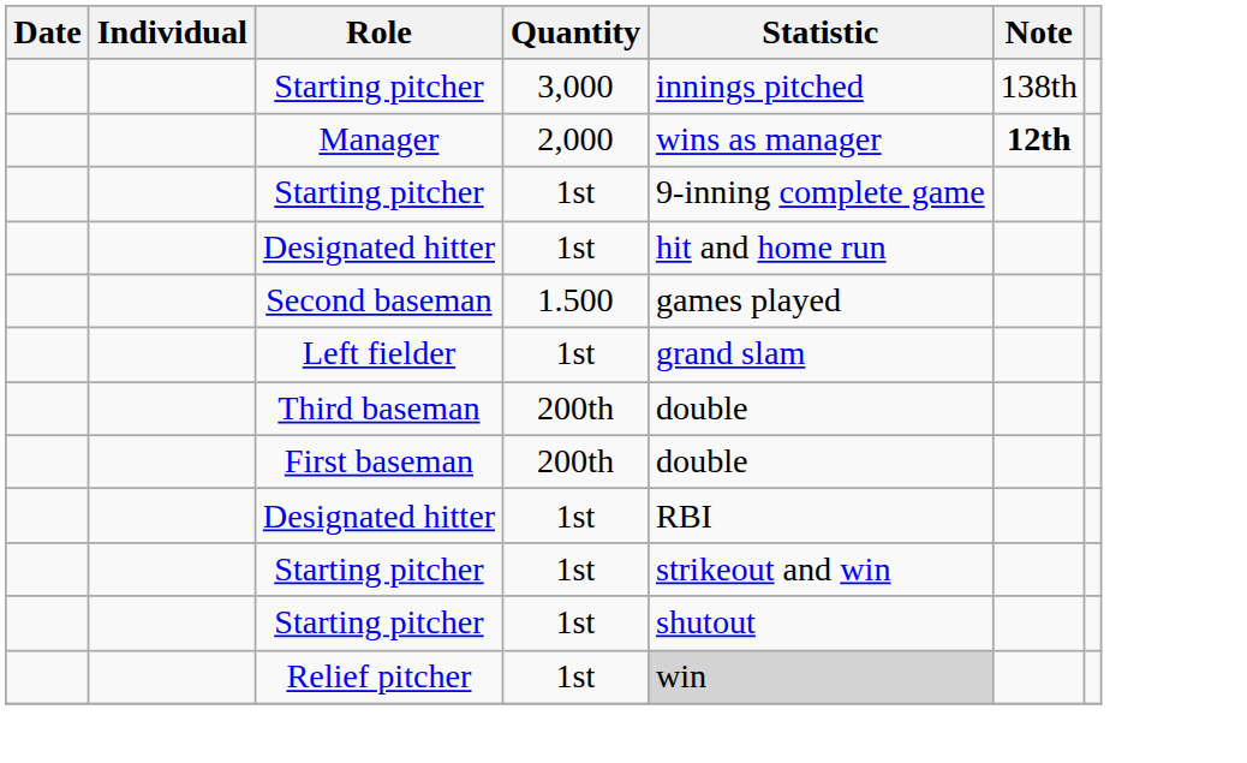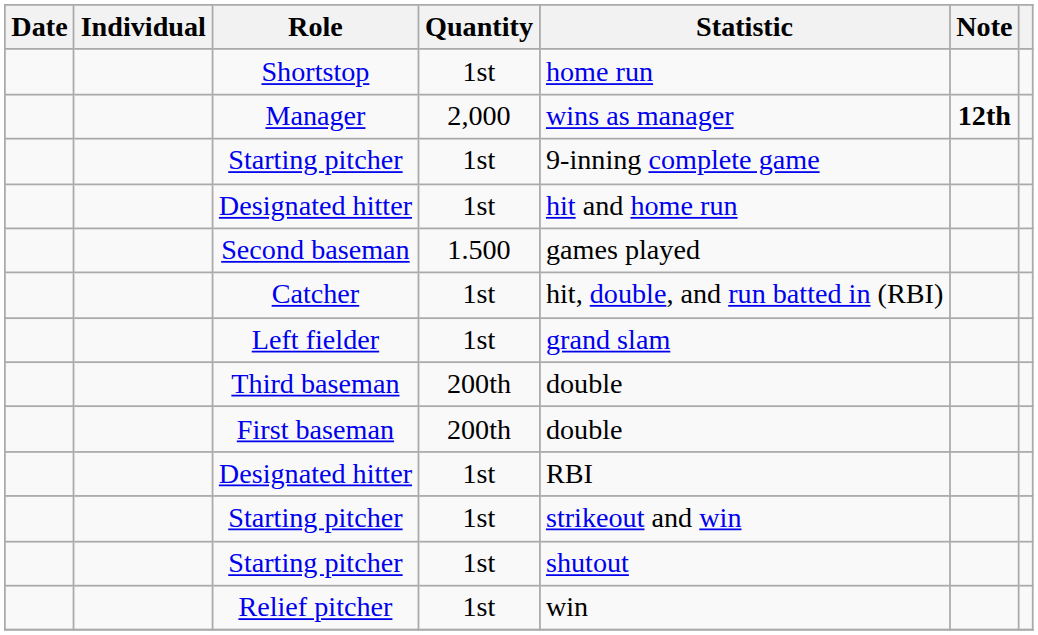 <table class="wikitable sortable">
 <tr>
 <th>Date</th>
 <th>Individual</th>
 <th>Role</th>
 <th>Quantity</th>
 <th>Statistic</th>
 <th>Note</th>
 <th></th>
 </tr>
 <tr>
 <td></td>
 <td></td>
-<td align=center><a href='#'>Starting pitcher</a></td>
-<td align=center>3,000</td>
-<td><a href='#'>innings pitched</a></td>
-<td align=center>138th</td>
+<td align=center><a href='#'>Shortstop</a></td>
+<td align=center>1st</td>
+<td><a href='#'>home run</a></td>
+<td align=center></td>
 <td align=center></td>
 </tr>
 <tr>
 <td></td>
 <td></td>
 <td align=center><a href='#'>Manager</a></td>
 <td align=center>2,000</td>
 <td><a href='#'>wins as manager</a></td>
 <td align=center><strong>12th</strong></td>
 <td align=center></td>
 </tr>
 <tr>
 <td></td>
 <td></td>
 <td align=center><a href='#'>Starting pitcher</a></td>
 <td align=center>1st</td>
 <td>9-inning <a href='#'>complete game</a></td>
 <td></td>
 <td align=center></td>
 </tr>
 <tr>
 <td></td>
 <td></td>
 <td align=center><a href='#'>Designated hitter</a></td>
 <td align=center>1st</td>
 <td><a href='#'>hit</a> and <a href='#'>home run</a></td>
 <td align=center></td>
 <td align=center></td>
 </tr>
 <tr>
 <td></td>
 <td></td>
 <td align=center><a href='#'>Second baseman</a></td>
 <td align=center>1.500</td>
 <td>games played</td>
+<td align=center></td>
+<td align=center></td>
+</tr>
+<tr>
+<td></td>
+<td></td>
+<td align=center><a href='#'>Catcher</a></td>
+<td align=center>1st</td>
+<td>hit, <a href='#'>double</a>, and <a href='#'>run batted in</a> (RBI)</td>
 <td align=center></td>
 <td align=center></td>
 </tr>
 <tr>
 <td></td>
 <td></td>
 <td align=center><a href='#'>Left fielder</a></td>
 <td align=center>1st</td>
 <td><a href='#'>grand slam</a></td>
 <td align=center></td>
 <td align=center></td>
 </tr>
 <tr>
 <td></td>
 <td></td>
 <td align=center><a href='#'>Third baseman</a></td>
 <td align=center>200th</td>
 <td>double</td>
 <td align=center></td>
 <td align=center></td>
 </tr>
 <tr>
 <td></td>
 <td></td>
 <td align=center><a href='#'>First baseman</a></td>
 <td align=center>200th</td>
 <td>double</td>
 <td align=center></td>
 <td align=center></td>
 </tr>
 <tr>
 <td></td>
 <td></td>
 <td align=center><a href='#'>Designated hitter</a></td>
 <td align=center>1st</td>
 <td>RBI</td>
 <td align=center></td>
 <td align=center></td>
 </tr>
 <tr>
 <td></td>
 <td></td>
 <td align=center><a href='#'>Starting pitcher</a></td>
 <td align=center>1st</td>
 <td><a href='#'>strikeout</a> and <a href='#'>win</a></td>
 <td align=center></td>
 <td align=center></td>
 </tr>
 <tr>
 <td></td>
 <td></td>
 <td align=center><a href='#'>Starting pitcher</a></td>
 <td align=center>1st</td>
 <td><a href='#'>shutout</a></td>
 <td align=center></td>
 <td align=center></td>
 </tr>
 <tr>
 <td></td>
 <td></td>
 <td align=center><a href='#'>Relief pitcher</a></td>
 <td align=center>1st</td>
-<td style="background: lightgrey;">win</td>
+<td>win</td>
 <td align=center></td>
 <td align=center></td>
 </tr>
 <tr>
 </tr>
 </table>
